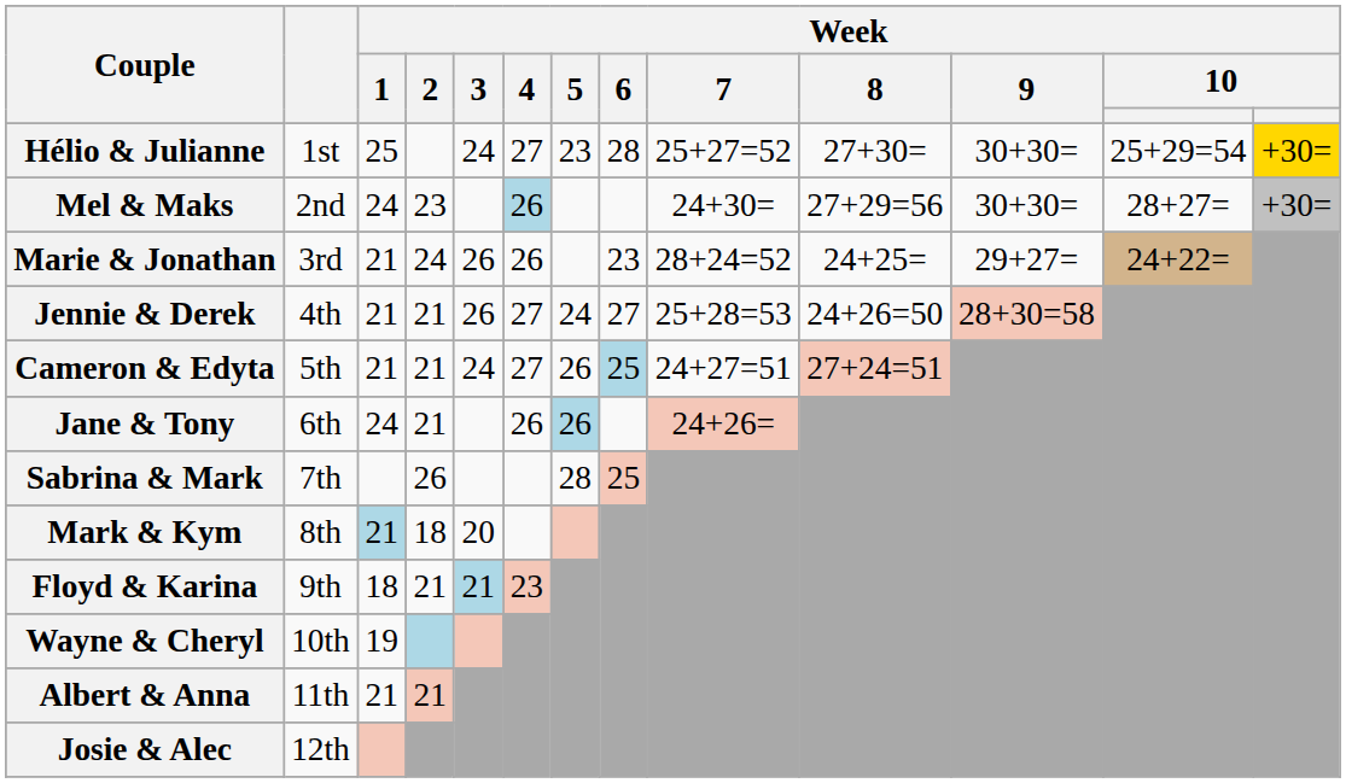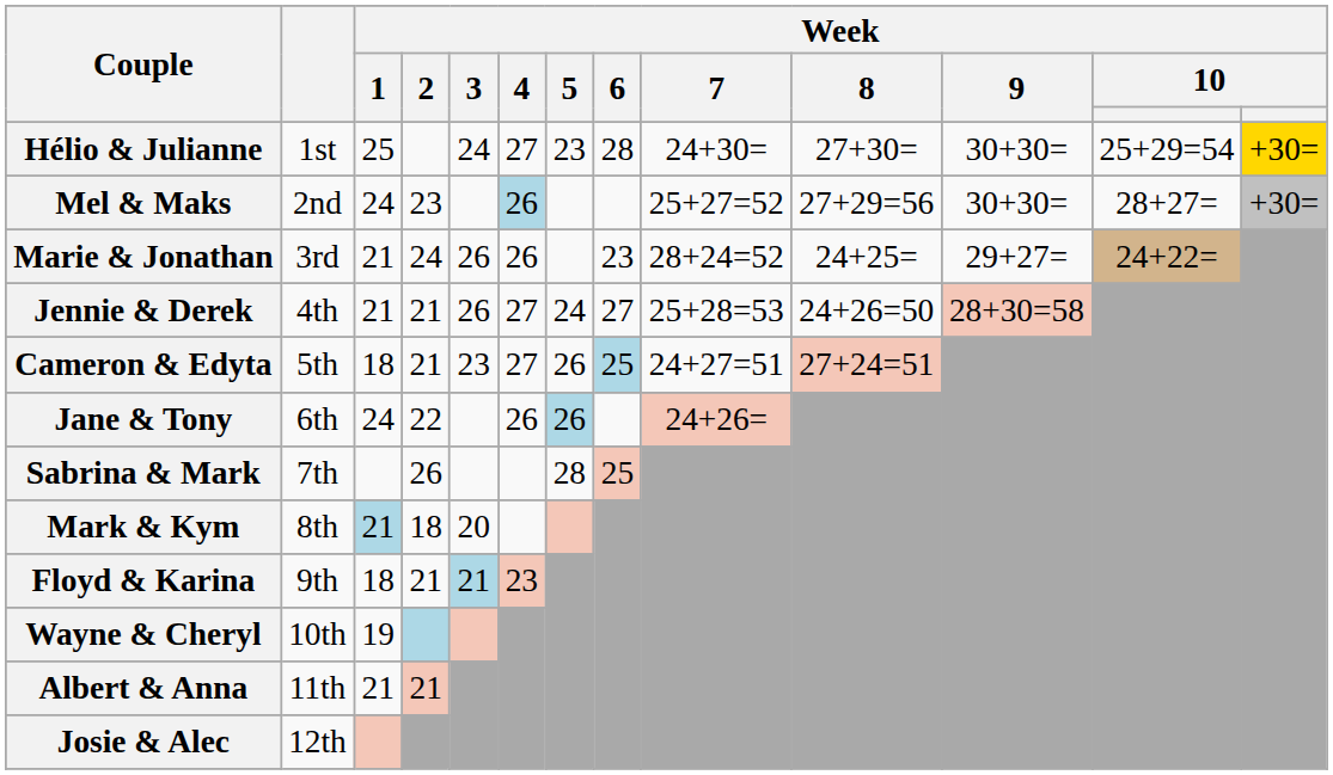 <table class="wikitable sortable" style="text-align:center; font-size:95%">
 <tr>
 <th scope="col" rowspan="3" style="text-align:center;">Couple</th>
 <th scope="col" rowspan="3" style="text-align:center;"></th>
 <th colspan="11" style="text-align:center; line-height:15px; ">Week</th>
 </tr>
 <tr>
 <th scope="col" rowspan=2>1</th>
 <th scope="col" rowspan=2>2</th>
 <th scope="col" rowspan=2>3</th>
 <th scope="col" rowspan=2>4</th>
 <th scope="col" rowspan=2>5</th>
 <th scope="col" rowspan=2>6</th>
 <th scope="col" rowspan=2>7</th>
 <th scope="col" rowspan=2>8</th>
 <th scope="col" rowspan=2>9</th>
 <th scope="col" colspan=2>10</th>
 </tr>
 <tr>
 <th></th>
 <th></th>
 </tr>
 <tr>
 <th scope="row">Hélio & Julianne</th>
 <td>1st</td>
 <td>25</td>
 <td></td>
 <td>24</td>
 <td>27</td>
 <td>23</td>
 <td>28</td>
-<td>25+27=52</td>
+<td>24+30=</td>
 <td>27+30=</td>
 <td>30+30=</td>
 <td>25+29=54</td>
 <td bgcolor=gold >+30=</td>
 </tr>
 <tr>
 <th scope="row">Mel & Maks</th>
 <td>2nd</td>
 <td>24</td>
 <td>23</td>
 <td></td>
 <td bgcolor=lightblue>26</td>
 <td></td>
 <td></td>
-<td>24+30=</td>
+<td>25+27=52</td>
 <td>27+29=56</td>
 <td>30+30=</td>
 <td>28+27=</td>
 <td bgcolor=silver >+30=</td>
 </tr>
 <tr>
 <th scope="row">Marie & Jonathan</th>
 <td>3rd</td>
 <td>21</td>
 <td>24</td>
 <td>26</td>
 <td>26</td>
 <td></td>
 <td>23</td>
 <td>28+24=52</td>
 <td>24+25=</td>
 <td>29+27=</td>
 <td bgcolor=tan >24+22=</td>
 <td rowspan="10" bgcolor="darkgrey"></td>
 </tr>
 <tr>
 <th scope="row">Jennie & Derek</th>
 <td>4th</td>
 <td>21</td>
 <td>21</td>
 <td>26</td>
 <td>27</td>
 <td>24</td>
 <td>27</td>
 <td>25+28=53</td>
 <td>24+26=50</td>
 <td bgcolor=f4c7b8 >28+30=58</td>
 <td rowspan="9" style="background:darkgrey;"></td>
 </tr>
 <tr>
 <th scope="row">Cameron & Edyta</th>
 <td>5th</td>
+<td>18</td>
 <td>21</td>
-<td>21</td>
-<td>24</td>
+<td>23</td>
 <td>27</td>
 <td>26</td>
 <td bgcolor=lightblue>25</td>
 <td>24+27=51</td>
 <td bgcolor=f4c7b8 >27+24=51</td>
 <td rowspan="8" style="background:darkgrey;"></td>
 </tr>
 <tr>
 <th scope="row">Jane & Tony</th>
 <td>6th</td>
 <td>24</td>
-<td>21</td>
+<td>22</td>
 <td></td>
 <td>26</td>
 <td bgcolor=lightblue>26</td>
 <td></td>
 <td bgcolor=f4c7b8 >24+26=</td>
 <td rowspan="7" style="background:darkgrey;"></td>
 </tr>
 <tr>
 <th scope="row">Sabrina & Mark</th>
 <td>7th</td>
 <td></td>
 <td>26</td>
 <td></td>
 <td></td>
 <td>28</td>
 <td bgcolor=f4c7b8>25</td>
 <td rowspan="6" style="background:darkgrey;"></td>
 </tr>
 <tr>
 <th scope="row">Mark & Kym</th>
 <td>8th</td>
 <td bgcolor=lightblue>21</td>
 <td>18</td>
 <td>20</td>
 <td></td>
 <td bgcolor=f4c7b8></td>
 <td rowspan="5" style="background:darkgrey;"></td>
 </tr>
 <tr>
 <th scope="row">Floyd & Karina</th>
 <td>9th</td>
 <td>18</td>
 <td>21</td>
 <td bgcolor=lightblue>21</td>
 <td bgcolor=f4c7b8>23</td>
 <td rowspan="4" style="background:darkgrey;"></td>
 </tr>
 <tr>
 <th scope="row">Wayne & Cheryl</th>
 <td>10th</td>
 <td>19</td>
 <td bgcolor=lightblue></td>
 <td bgcolor=f4c7b8></td>
 <td rowspan="3" style="background:darkgrey;"></td>
 </tr>
 <tr>
 <th scope="row">Albert & Anna</th>
 <td>11th</td>
 <td>21</td>
 <td bgcolor=f4c7b8>21</td>
 <td rowspan="2" style="background:darkgrey;"></td>
 </tr>
 <tr>
 <th scope="row">Josie & Alec</th>
 <td>12th</td>
 <td bgcolor=f4c7b8></td>
 <td style="background:darkgrey;"></td>
 </tr>
 </table>
